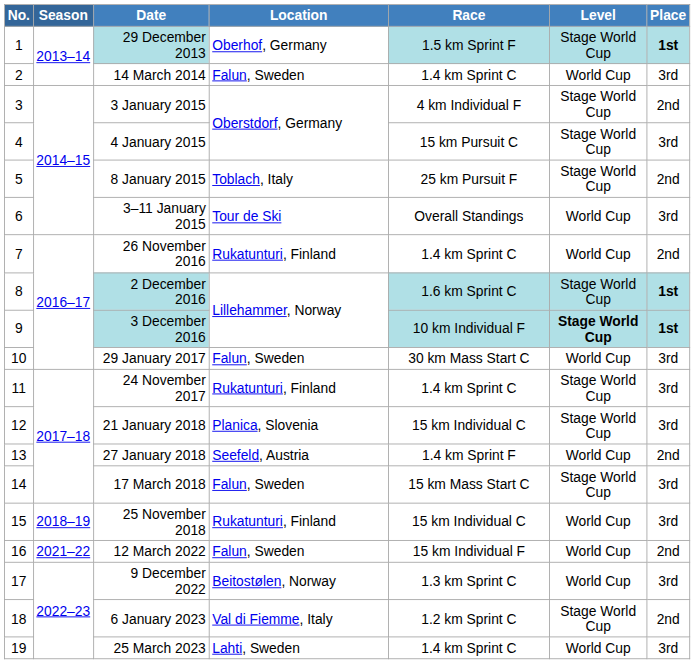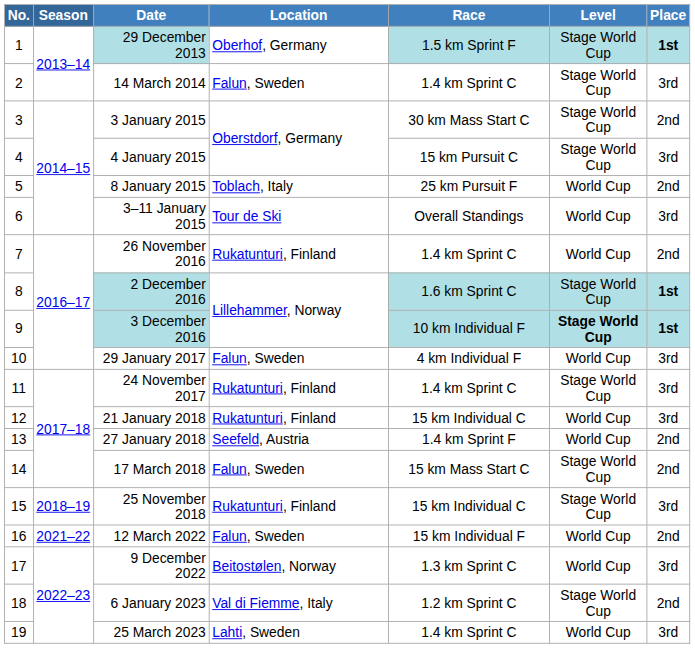 <table class="wikitable sortable" style="font-size:95%; text-align:center; border:grey solid 1px; border-collapse:collapse; background:#ffffff;">
 <tr style="background:#efefef;">
 <th style="background-color:#369; color:white;">No.</th>
 <th style="background-color:#369; color:white;">Season</th>
 <th style="background-color:#4180be; color:white; width:120px;">Date</th>
 <th style="background-color:#4180be; color:white; width:190px;">Location</th>
 <th style="background-color:#4180be; color:white; width:170px;">Race</th>
 <th style="background-color:#4180be; color:white; width:100px;">Level</th>
 <th style="background-color:#4180be; color:white;">Place</th>
 </tr>
 <tr>
 <td align=center>1</td>
 <td rowspan=2 align=center><a href='#'>2013–14</a></td>
 <td bgcolor="#BOEOE6" align=right>29 December 2013</td>
 <td align=left> <a href='#'>Oberhof</a>, Germany</td>
 <td bgcolor="#BOEOE6">1.5 km Sprint F</td>
 <td bgcolor="#BOEOE6">Stage World Cup</td>
 <td bgcolor="#BOEOE6"><strong>1st</strong></td>
 </tr>
 <tr>
 <td align=center>2</td>
 <td align=right>14 March 2014</td>
 <td align=left> <a href='#'>Falun</a>, Sweden</td>
 <td>1.4 km Sprint C</td>
-<td>World Cup</td>
+<td>Stage World Cup</td>
 <td>3rd</td>
 </tr>
 <tr>
 <td align=center>3</td>
 <td rowspan=4 align=center><a href='#'>2014–15</a></td>
 <td align=right>3 January 2015</td>
 <td rowspan=2 align=left> <a href='#'>Oberstdorf</a>, Germany</td>
-<td>4 km Individual F</td>
+<td>30 km Mass Start C</td>
 <td>Stage World Cup</td>
 <td>2nd</td>
 </tr>
 <tr>
 <td align=center>4</td>
 <td align=right>4 January 2015</td>
 <td>15 km Pursuit C</td>
 <td>Stage World Cup</td>
 <td>3rd</td>
 </tr>
 <tr>
 <td align=center>5</td>
 <td align=right>8 January 2015</td>
 <td align=left> <a href='#'>Toblach</a>, Italy</td>
 <td>25 km Pursuit F</td>
-<td>Stage World Cup</td>
+<td>World Cup</td>
 <td>2nd</td>
 </tr>
 <tr>
 <td align=center>6</td>
 <td align=right>3–11 January 2015</td>
 <td align=left> <a href='#'>Tour de Ski</a></td>
 <td>Overall Standings</td>
 <td>World Cup</td>
 <td>3rd</td>
 </tr>
 <tr>
 <td align=center>7</td>
 <td rowspan=4 align=center><a href='#'>2016–17</a></td>
 <td align=right>26 November 2016</td>
 <td align=left> <a href='#'>Rukatunturi</a>, Finland</td>
 <td>1.4 km Sprint C</td>
 <td>World Cup</td>
 <td>2nd</td>
 </tr>
 <tr>
 <td align=center>8</td>
 <td bgcolor="#BOEOE6" align=right>2 December 2016</td>
 <td rowspan=2  align=left> <a href='#'>Lillehammer</a>, Norway</td>
 <td bgcolor="#BOEOE6" align=center>1.6 km Sprint C</td>
 <td bgcolor="#BOEOE6">Stage World Cup</td>
 <td bgcolor="#BOEOE6"><strong>1st</strong></td>
 </tr>
 <tr>
 <td align=center>9</td>
 <td bgcolor="#BOEOE6" align=right>3 December 2016</td>
 <td bgcolor="#BOEOE6" align=center>10 km Individual F</td>
 <td bgcolor="#BOEOE6"><strong>Stage World Cup</strong></td>
 <td bgcolor="#BOEOE6"><strong>1st</strong></td>
 </tr>
 <tr>
 <td align=center>10</td>
 <td align=right>29 January 2017</td>
 <td align=left> <a href='#'>Falun</a>, Sweden</td>
-<td>30 km Mass Start C</td>
+<td>4 km Individual F</td>
 <td>World Cup</td>
 <td>3rd</td>
 </tr>
 <tr>
 <td align=center>11</td>
 <td rowspan=4 align=center><a href='#'>2017–18</a></td>
 <td align=right>24 November 2017</td>
 <td align=left> <a href='#'>Rukatunturi</a>, Finland</td>
 <td>1.4 km Sprint C</td>
 <td>Stage World Cup</td>
 <td>3rd</td>
 </tr>
 <tr>
 <td align=center>12</td>
 <td align=right>21 January 2018</td>
-<td align=left> <a href='#'>Planica</a>, Slovenia</td>
+<td align=left> <a href='#'>Rukatunturi</a>, Finland</td>
 <td>15 km Individual C</td>
-<td>Stage World Cup</td>
+<td>World Cup</td>
 <td>3rd</td>
 </tr>
 <tr>
 <td align=center>13</td>
 <td align=right>27 January 2018</td>
 <td align=left> <a href='#'>Seefeld</a>, Austria</td>
 <td>1.4 km Sprint F</td>
 <td>World Cup</td>
 <td>2nd</td>
 </tr>
 <tr>
 <td align=center>14</td>
 <td align=right>17 March 2018</td>
 <td align=left> <a href='#'>Falun</a>, Sweden</td>
 <td>15 km Mass Start C</td>
 <td>Stage World Cup</td>
-<td>3rd</td>
+<td>2nd</td>
 </tr>
 <tr>
 <td align=center>15</td>
 <td rowspan=1 align=center><a href='#'>2018–19</a></td>
 <td align=right>25 November 2018</td>
 <td align=left> <a href='#'>Rukatunturi</a>, Finland</td>
 <td>15 km Individual C</td>
-<td>World Cup</td>
+<td>Stage World Cup</td>
 <td>3rd</td>
 </tr>
 <tr>
 <td align=center>16</td>
 <td rowspan=1 align=center><a href='#'>2021–22</a></td>
 <td align=right>12 March 2022</td>
 <td align=left> <a href='#'>Falun</a>, Sweden</td>
 <td>15 km Individual F</td>
 <td>World Cup</td>
 <td>2nd</td>
 </tr>
 <tr>
 <td align=center>17</td>
 <td rowspan=3 align=center><a href='#'>2022–23</a></td>
 <td align=right>9 December 2022</td>
 <td align=left> <a href='#'>Beitostølen</a>, Norway</td>
 <td>1.3 km Sprint C</td>
 <td>World Cup</td>
 <td>3rd</td>
 </tr>
 <tr>
 <td align=center>18</td>
 <td align=right>6 January 2023</td>
 <td align=left> <a href='#'>Val di Fiemme</a>, Italy</td>
 <td>1.2 km Sprint C</td>
 <td>Stage World Cup</td>
 <td>2nd</td>
 </tr>
 <tr>
 <td align=center>19</td>
 <td align=right>25 March 2023</td>
 <td align=left> <a href='#'>Lahti</a>, Sweden</td>
 <td>1.4 km Sprint C</td>
 <td>World Cup</td>
 <td>3rd</td>
 </tr>
 </table>
